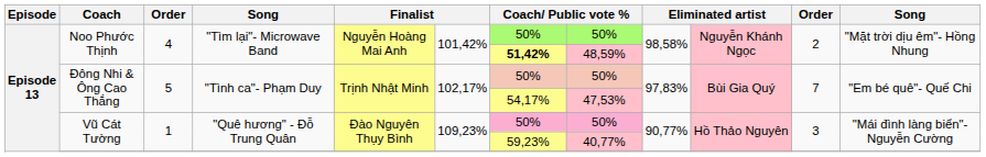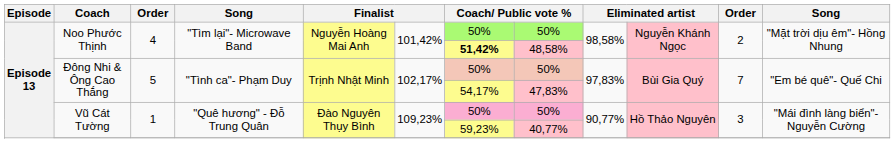 <table class="wikitable" style="text-align:center">
 <tr>
 <th style="width:05%;">Episode</th>
 <th style="width:09%;">Coach</th>
 <th style="width:05%;">Order</th>
 <th style="width:15%;">Song</th>
 <th style="width:15%;" colspan="2">Finalist</th>
 <th style="width:16%;" colspan="2">Coach/ Public vote %</th>
 <th style="width:15%;" colspan="2">Eliminated artist</th>
 <th style="width:05%;">Order</th>
 <th style="width:15%;">Song</th>
 </tr>
 <tr>
 <th rowspan="8" scope="row">Episode 13<br><small></small></th>
 <td rowspan="2">Noo Phước Thịnh</td>
 <td rowspan="2">4</td>
 <td rowspan="2">"Tìm lại"- Microwave Band</td>
 <td bgcolor="#fdfc8f" rowspan="2">Nguyễn Hoàng Mai Anh</td>
 <td rowspan="2">101,42%</td>
 <td width="8%" bgcolor="#aafa73">50%</td>
 <td width="8%" bgcolor="#aafa73">50%</td>
 <td rowspan="2">98,58%</td>
 <td bgcolor="pink" rowspan="2">Nguyễn Khánh Ngọc</td>
 <td rowspan="2">2</td>
 <td rowspan="2">"Mặt trời dịu êm"- Hồng Nhung</td>
 </tr>
 <tr>
 <td bgcolor="#fdfc8f"><strong>51,42%</strong></td>
-<td bgcolor="pink">48,59%</td>
+<td bgcolor="pink">48,58%</td>
 </tr>
 <tr>
 <td rowspan="2">Đông Nhi & Ông Cao Thắng</td>
 <td rowspan="2">5</td>
 <td rowspan="2">"Tình ca"- Phạm Duy</td>
 <td bgcolor="#fdfc8f" rowspan="2">Trịnh Nhật Minh</td>
 <td rowspan="2">102,17%</td>
 <td width="8%" bgcolor="#f4c7b8">50%</td>
 <td width="8%" bgcolor="#f4c7b8">50%</td>
 <td rowspan="2">97,83%</td>
 <td bgcolor="pink" rowspan="2">Bùi Gia Quý</td>
 <td rowspan="2">7</td>
 <td rowspan="2">"Em bé quê"- Quế Chi</td>
 </tr>
 <tr>
 <td bgcolor="#fdfc8f">54,17%</td>
-<td bgcolor="pink">47,53%</td>
+<td bgcolor="pink">47,83%</td>
 </tr>
 <tr>
 <td rowspan="2">Vũ Cát Tường</td>
 <td rowspan="2">1</td>
 <td rowspan="2">"Quê hương" - Đỗ Trung Quân</td>
 <td bgcolor="#fdfc8f" rowspan="2">Đào Nguyên Thụy Bình</td>
 <td rowspan="2">109,23%</td>
 <td width="8%" bgcolor="#FBAED2">50%</td>
 <td width="8%" bgcolor="#FBAED2">50%</td>
 <td rowspan="2">90,77%</td>
 <td bgcolor="pink" rowspan="2">Hồ Thảo Nguyên</td>
 <td rowspan="2">3</td>
 <td rowspan="2">"Mái đình làng biển"- Nguyễn Cường</td>
 </tr>
 <tr>
 <td bgcolor="#fdfc8f">59,23%</td>
 <td bgcolor="pink">40,77%</td>
 </tr>
 <tr>
 </tr>
 </table>
